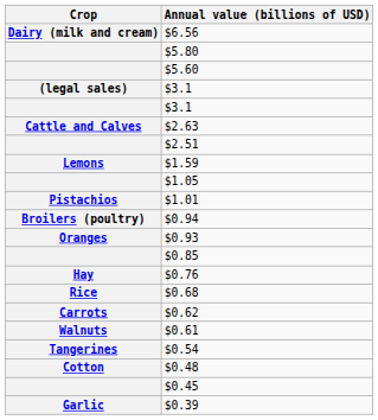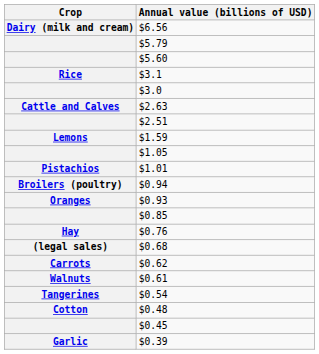 <table class="wikitable sortable">
 <tr>
 <th>Crop</th>
 <th data-sort-type=currency>Annual value <strong>(billions of USD)</strong></th>
 </tr>
 <tr>
 <th><a href='#'>Dairy</a> (milk and cream)</th>
 <td>$6.56</td>
 </tr>
 <tr>
 <th></th>
-<td>$5.80</td>
+<td>$5.79</td>
 </tr>
 <tr>
 <th></th>
 <td>$5.60</td>
 </tr>
 <tr>
-<th> (legal sales)</th>
+<th><a href='#'>Rice</a></th>
 <td>$3.1</td>
 </tr>
 <tr>
 <th></th>
-<td>$3.1</td>
+<td>$3.0</td>
 </tr>
 <tr>
 <th><a href='#'>Cattle and Calves</a></th>
 <td>$2.63</td>
 </tr>
 <tr>
 <th></th>
 <td>$2.51</td>
 </tr>
 <tr>
 <th><a href='#'>Lemons</a></th>
 <td>$1.59</td>
 </tr>
 <tr>
 <th></th>
 <td>$1.05</td>
 </tr>
 <tr>
 <th><a href='#'>Pistachios</a></th>
 <td>$1.01</td>
 </tr>
 <tr>
 <th><a href='#'>Broilers</a> (poultry)</th>
 <td>$0.94</td>
 </tr>
 <tr>
 <th><a href='#'>Oranges</a></th>
 <td>$0.93</td>
 </tr>
 <tr>
 <th></th>
 <td>$0.85</td>
 </tr>
 <tr>
 <th><a href='#'>Hay</a></th>
 <td>$0.76</td>
 </tr>
 <tr>
-<th><a href='#'>Rice</a></th>
+<th> (legal sales)</th>
 <td>$0.68</td>
 </tr>
 <tr>
 <th><a href='#'>Carrots</a></th>
 <td>$0.62</td>
 </tr>
 <tr>
 <th><a href='#'>Walnuts</a></th>
 <td>$0.61</td>
 </tr>
 <tr>
 <th><a href='#'>Tangerines</a></th>
 <td>$0.54</td>
 </tr>
 <tr>
 <th><a href='#'>Cotton</a></th>
 <td>$0.48</td>
 </tr>
 <tr>
 <th></th>
 <td>$0.45</td>
 </tr>
 <tr>
 <th><a href='#'>Garlic</a></th>
 <td>$0.39<br></td>
 </tr>
 </table>
